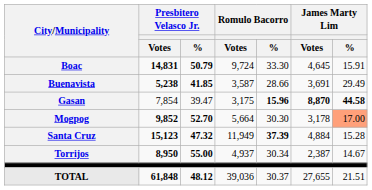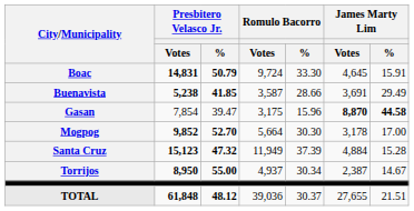 <table class="wikitable collapsible collapsed" style="text-align:right; font-size:95%; line-height:20px;">
 <tr>
 <th rowspan="3" width="200"><a href='#'>City</a>/<a href='#'>Municipality</a></th>
 <th colspan="2" width="110"><a href='#'>Presbitero Velasco Jr.</a></th>
 <th colspan="2" width="110">Romulo Bacorro</th>
 <th colspan="2" width="110">James Marty Lim</th>
 </tr>
 <tr>
 <th colspan="2" style="background:"></th>
 <th colspan="2" style="background:"></th>
 <th colspan="2" style="background:"></th>
 </tr>
 <tr>
 <th>Votes</th>
 <th>%</th>
 <th>Votes</th>
 <th>%</th>
 <th>Votes</th>
 <th>%</th>
 </tr>
 <tr>
 <th scope="row"><a href='#'>Boac</a></th>
 <td style="background:"><strong>14,831</strong></td>
 <td style="background:"><strong>50.79</strong></td>
 <td>9,724</td>
 <td>33.30</td>
 <td>4,645</td>
 <td>15.91</td>
 </tr>
 <tr>
 <th scope="row"><a href='#'>Buenavista</a></th>
 <td style="background:"><strong>5,238</strong></td>
 <td style="background:"><strong>41.85</strong></td>
 <td>3,587</td>
 <td>28.66</td>
 <td>3,691</td>
 <td>29.49</td>
 </tr>
 <tr>
 <th scope="row"><a href='#'>Gasan</a></th>
 <td>7,854</td>
 <td>39.47</td>
 <td>3,175</td>
-<td><strong>15.96</strong></td>
+<td>15.96</td>
 <td style="background:"><strong>8,870</strong></td>
 <td style="background:"><strong>44.58</strong></td>
 </tr>
 <tr>
 <th scope="row"><a href='#'>Mogpog</a></th>
 <td style="background:"><strong>9,852</strong></td>
 <td style="background:"><strong>52.70</strong></td>
 <td>5,664</td>
 <td>30.30</td>
 <td>3,178</td>
-<td style="background: lightsalmon;">17.00</td>
+<td>17.00</td>
 </tr>
 <tr>
 <th scope="row"><a href='#'>Santa Cruz</a></th>
 <td style="background:"><strong>15,123</strong></td>
 <td style="background:"><strong>47.32</strong></td>
 <td>11,949</td>
-<td><strong>37.39</strong></td>
+<td>37.39</td>
 <td>4,884</td>
 <td>15.28</td>
 </tr>
 <tr>
 <th scope="row"><a href='#'>Torrijos</a></th>
 <td style="background:"><strong>8,950</strong></td>
 <td style="background:"><strong>55.00</strong></td>
 <td>4,937</td>
 <td>30.34</td>
 <td>2,387</td>
 <td>14.67</td>
 </tr>
 <tr>
 <td colspan=7 bgcolor=black></td>
 </tr>
 <tr>
 <td style="background:#E9E9E9;" align="center"><strong>TOTAL</strong></td>
 <td style="background:"><strong>61,848</strong></td>
 <td style="background:"><strong>48.12</strong></td>
 <td>39,036</td>
 <td>30.37</td>
 <td>27,655</td>
 <td>21.51</td>
 </tr>
 </table>
